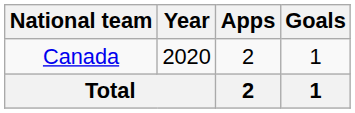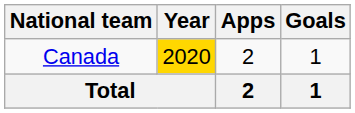 <table class="wikitable" style="text-align:center">
 <tr>
 <th>National team</th>
 <th>Year</th>
 <th>Apps</th>
 <th>Goals</th>
 </tr>
 <tr>
 <td><a href='#'>Canada</a></td>
-<td>2020</td>
+<td style="background: gold;">2020</td>
 <td>2</td>
 <td>1</td>
 </tr>
 <tr>
 <th colspan="2">Total</th>
 <th>2</th>
 <th>1</th>
 </tr>
 </table>
